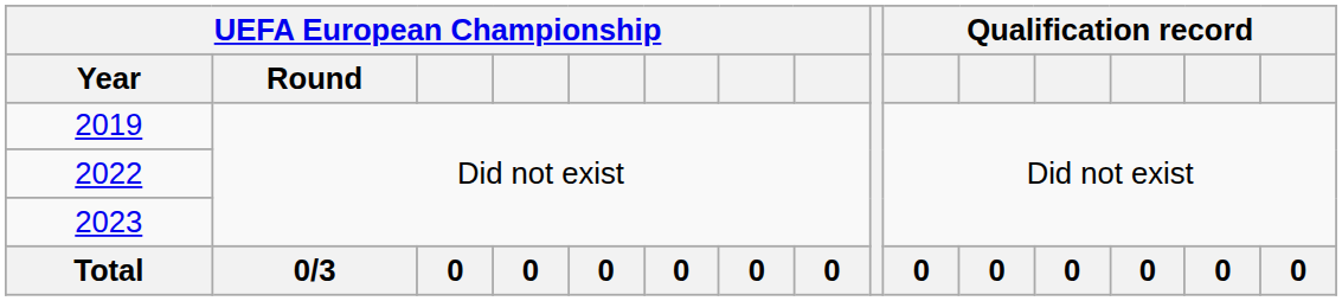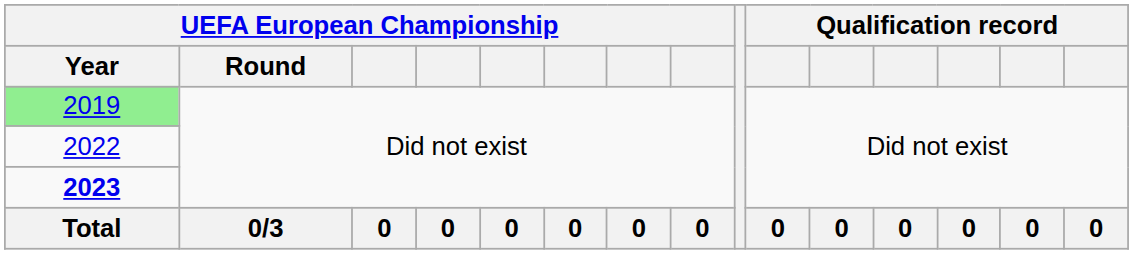 <table class="wikitable" width=50% style="text-align: center;font-size:90%;">
 <tr>
 <th colspan=8><a href='#'>UEFA European Championship</a></th>
 <th width=1% rowspan=20></th>
 <th colspan=8>Qualification record</th>
 </tr>
 <tr>
 <th width=80>Year</th>
 <th width=80>Round</th>
 <th width=25></th>
 <th width=25></th>
 <th width=25></th>
 <th width=25></th>
 <th width=25></th>
 <th width=25></th>
 <th width=25></th>
 <th width=25></th>
 <th width=25></th>
 <th width=25></th>
 <th width=25></th>
 <th width=25></th>
 </tr>
 <tr>
-<td> <a href='#'>2019</a></td>
+<td style="background: lightgreen;"> <a href='#'>2019</a></td>
 <td colspan=7 rowspan=3>Did not exist</td>
 <td colspan=7 rowspan=3>Did not exist</td>
 </tr>
 <tr>
 <td> <a href='#'>2022</a></td>
 </tr>
 <tr>
-<td> <a href='#'>2023</a></td>
+<td><strong> <a href='#'>2023</a></strong></td>
 </tr>
 <tr>
 <th>Total</th>
 <th>0/3</th>
 <th>0</th>
 <th>0</th>
 <th>0</th>
 <th>0</th>
 <th>0</th>
 <th>0</th>
 <th>0</th>
 <th>0</th>
 <th>0</th>
 <th>0</th>
 <th>0</th>
 <th>0</th>
 </tr>
 </table>
